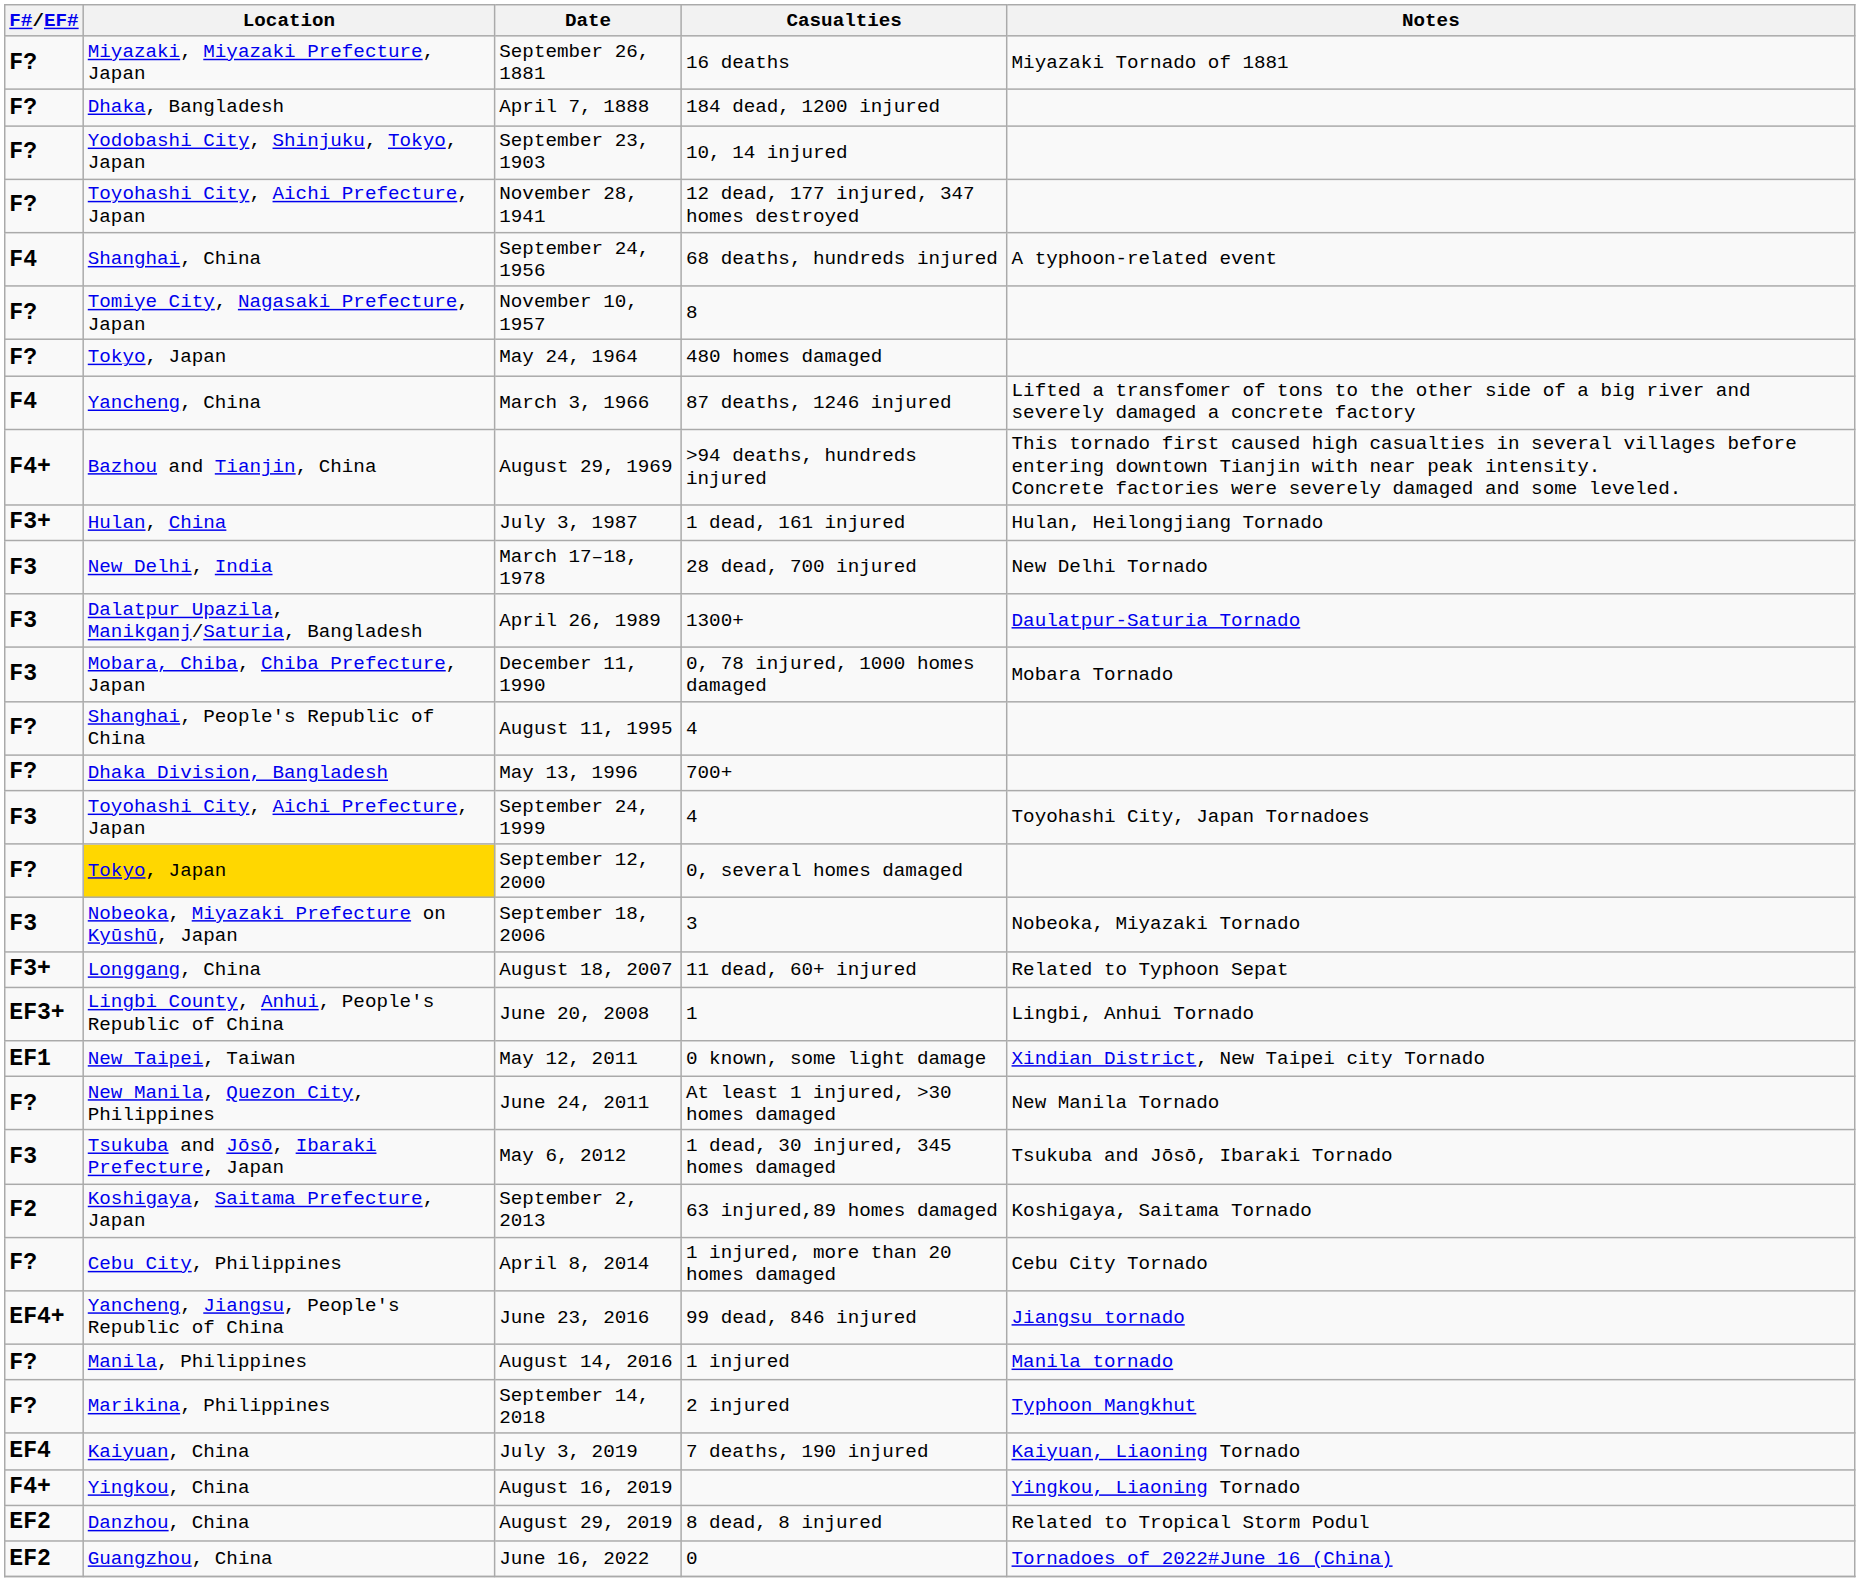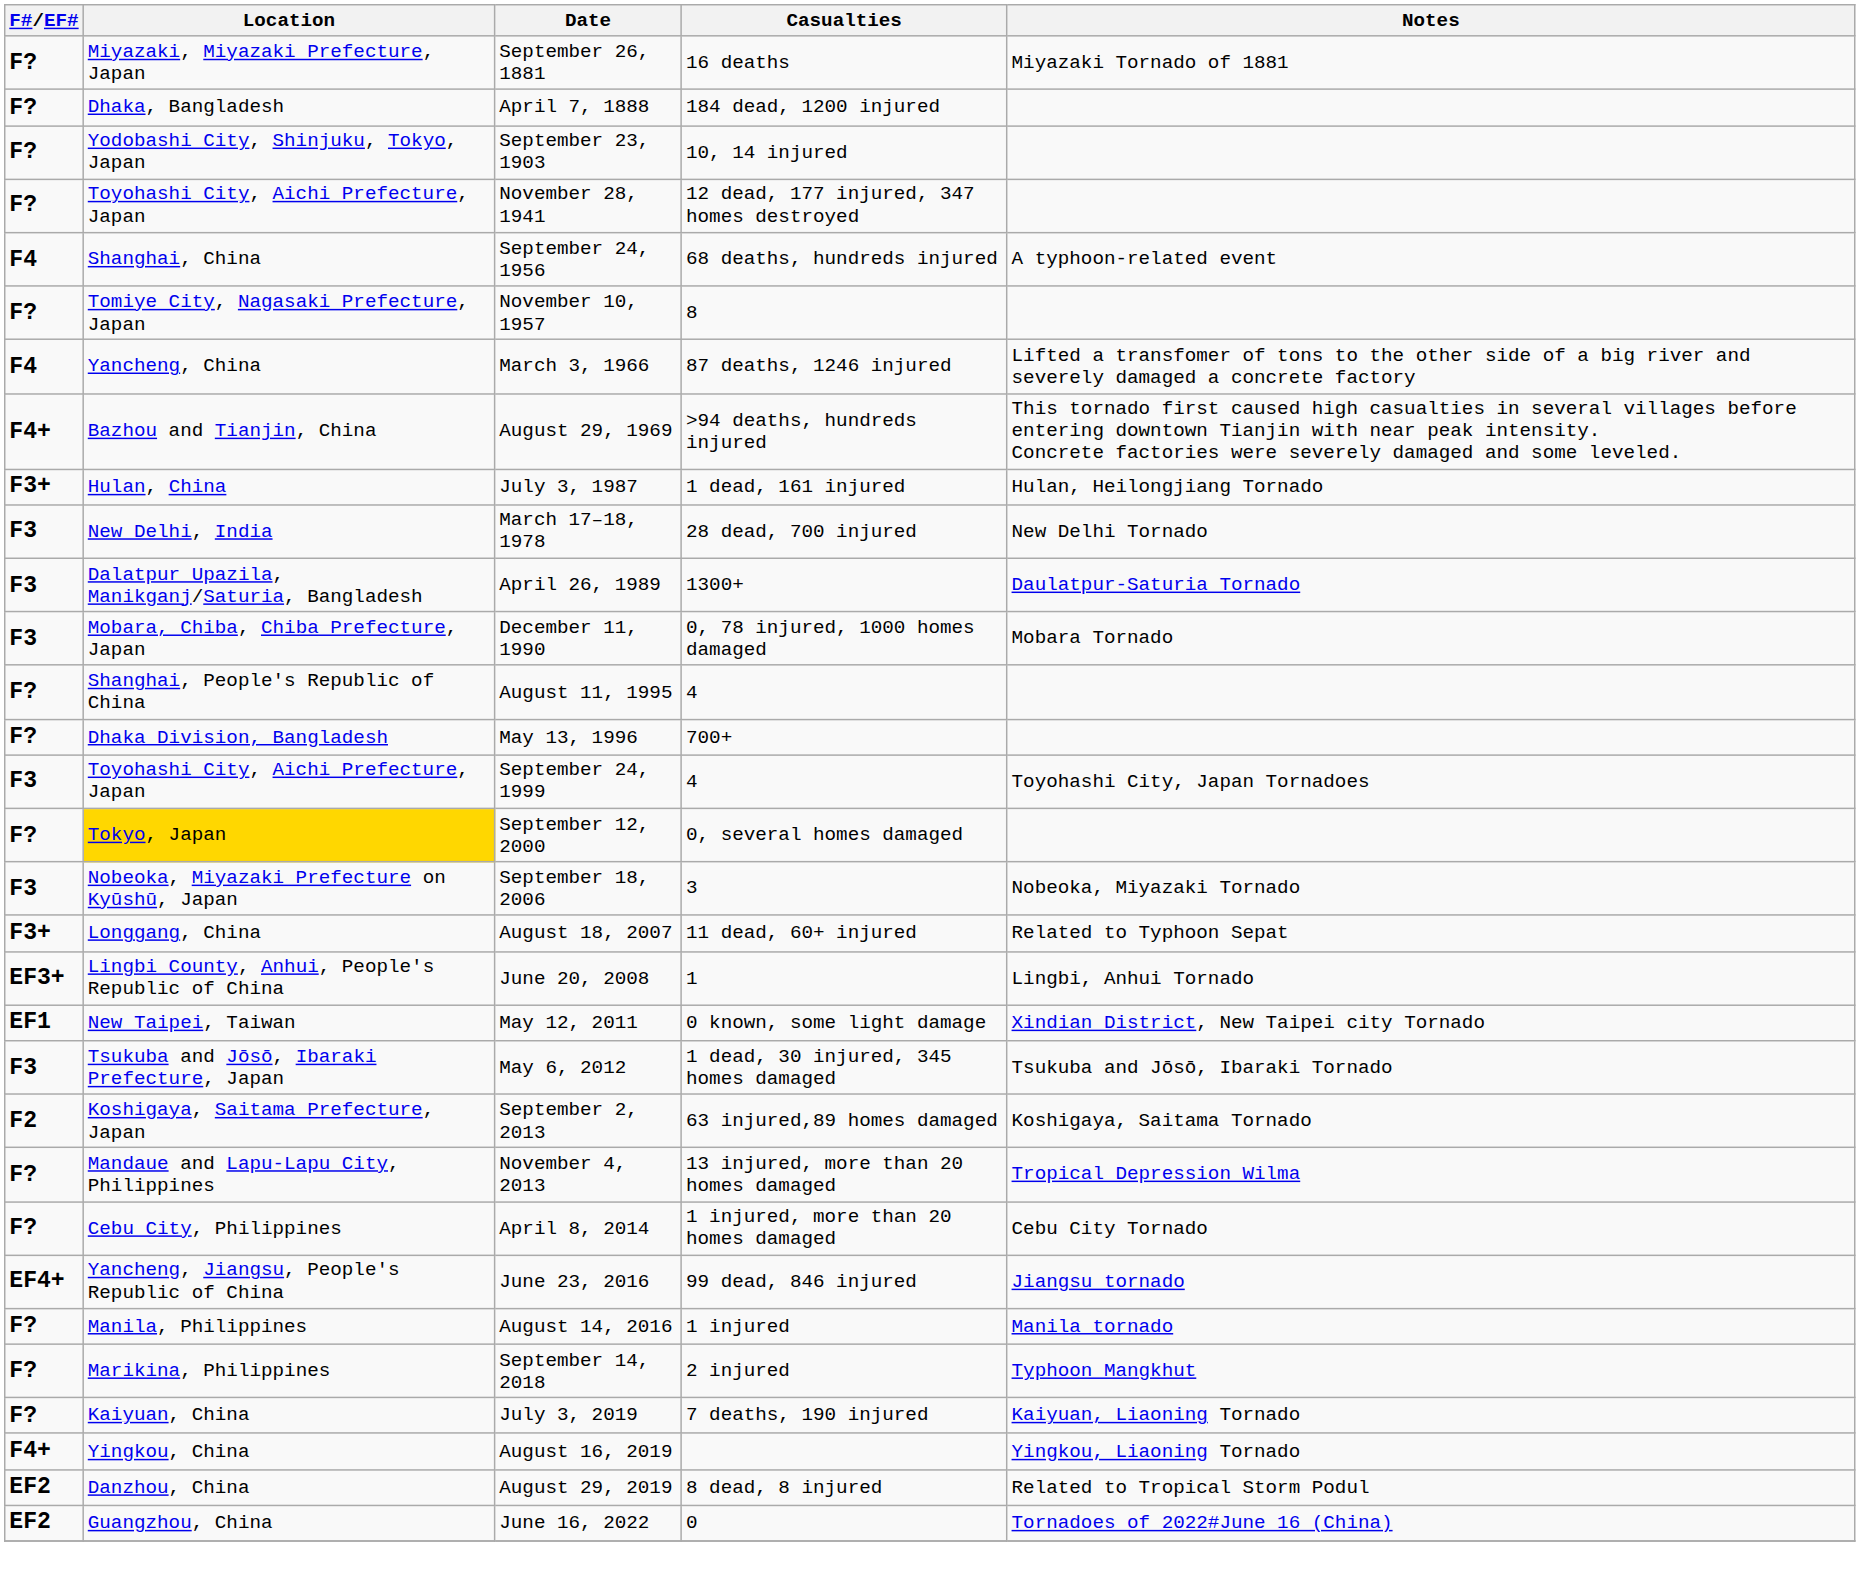 <table class="sortable wikitable">
 <tr>
 <th><a href='#'>F#</a>/<a href='#'>EF#</a></th>
 <th>Location</th>
 <th width=120>Date</th>
 <th>Casualties</th>
 <th class=unsortable>Notes</th>
 </tr>
 <tr>
 <td><big><strong>F?</strong></big></td>
 <td><a href='#'>Miyazaki</a>, <a href='#'>Miyazaki Prefecture</a>, Japan</td>
 <td>September 26, 1881</td>
 <td>16 deaths</td>
 <td>Miyazaki Tornado of 1881</td>
 </tr>
 <tr>
 <td><big><strong>F?</strong></big></td>
 <td><a href='#'>Dhaka</a>, Bangladesh</td>
 <td>April 7, 1888</td>
 <td>184 dead, 1200 injured</td>
 <td></td>
 </tr>
 <tr>
 <td><big><strong>F?</strong></big></td>
 <td><a href='#'>Yodobashi City</a>, <a href='#'>Shinjuku</a>, <a href='#'>Tokyo</a>, Japan</td>
 <td>September 23, 1903</td>
 <td>10, 14 injured</td>
 <td></td>
 </tr>
 <tr>
 <td><big><strong>F?</strong></big></td>
 <td><a href='#'>Toyohashi City</a>, <a href='#'>Aichi Prefecture</a>, Japan</td>
 <td>November 28, 1941</td>
 <td>12 dead, 177 injured, 347 homes destroyed</td>
 <td></td>
 </tr>
 <tr>
 <td><big><strong>F4</strong></big></td>
 <td><a href='#'>Shanghai</a>, China</td>
 <td>September 24, 1956</td>
 <td>68 deaths, hundreds injured</td>
 <td>A typhoon-related event</td>
 </tr>
 <tr>
 <td><big><strong>F?</strong></big></td>
 <td><a href='#'>Tomiye City</a>, <a href='#'>Nagasaki Prefecture</a>, Japan</td>
 <td>November 10, 1957</td>
 <td>8</td>
-<td></td>
-</tr>
-<tr>
-<td><big><strong>F?</strong></big></td>
-<td><a href='#'>Tokyo</a>, Japan</td>
-<td>May 24, 1964</td>
-<td>480 homes damaged</td>
 <td></td>
 </tr>
 <tr>
 <td><big><strong>F4</strong></big></td>
 <td><a href='#'>Yancheng</a>, China</td>
 <td>March 3, 1966</td>
 <td>87 deaths, 1246 injured</td>
 <td>Lifted a transfomer of tons to the other side of a big river and severely damaged a concrete factory</td>
 </tr>
 <tr>
 <td><big><strong>F4+</strong></big></td>
 <td><a href='#'>Bazhou</a> and <a href='#'>Tianjin</a>, China</td>
 <td>August 29, 1969</td>
 <td>>94 deaths, hundreds injured</td>
 <td>This tornado first caused high casualties in several villages before entering downtown Tianjin with near peak intensity.<br>Concrete factories were severely damaged and some leveled.</td>
 </tr>
 <tr>
 <td><big><strong>F3+</strong></big></td>
 <td><a href='#'>Hulan</a>, <a href='#'>China</a></td>
 <td>July 3, 1987</td>
 <td>1 dead, 161 injured</td>
 <td>Hulan, Heilongjiang Tornado</td>
 </tr>
 <tr>
 <td><big><strong>F3</strong></big></td>
 <td><a href='#'>New Delhi</a>, <a href='#'>India</a></td>
 <td>March 17–18, 1978</td>
 <td>28 dead, 700 injured</td>
 <td>New Delhi Tornado</td>
 </tr>
 <tr>
 <td><big><strong>F3</strong></big></td>
 <td><a href='#'>Dalatpur Upazila</a>, <a href='#'>Manikganj</a>/<a href='#'>Saturia</a>, Bangladesh</td>
 <td>April 26, 1989</td>
 <td>1300+</td>
 <td><a href='#'>Daulatpur-Saturia Tornado</a></td>
 </tr>
 <tr>
 <td><big><strong>F3</strong></big></td>
 <td><a href='#'>Mobara, Chiba</a>, <a href='#'>Chiba Prefecture</a>, Japan</td>
 <td>December 11, 1990</td>
 <td>0, 78 injured, 1000 homes damaged</td>
 <td>Mobara Tornado</td>
 </tr>
 <tr>
 <td><big><strong>F?</strong></big></td>
 <td><a href='#'>Shanghai</a>, People's Republic of China</td>
 <td>August 11, 1995</td>
 <td>4</td>
 <td></td>
 </tr>
 <tr>
 <td><big><strong>F?</strong></big></td>
 <td><a href='#'>Dhaka Division, Bangladesh</a></td>
 <td>May 13, 1996</td>
 <td>700+</td>
 <td></td>
 </tr>
 <tr>
 <td><big><strong>F3</strong></big></td>
 <td><a href='#'>Toyohashi City</a>, <a href='#'>Aichi Prefecture</a>, Japan</td>
 <td>September 24, 1999</td>
 <td>4</td>
 <td>Toyohashi City, Japan Tornadoes</td>
 </tr>
 <tr>
 <td><big><strong>F?</strong></big></td>
 <td style="background: gold;"><a href='#'>Tokyo</a>, Japan</td>
 <td>September 12, 2000</td>
 <td>0, several homes damaged</td>
 <td></td>
 </tr>
 <tr>
 <td><big><strong>F3</strong></big></td>
 <td><a href='#'>Nobeoka</a>, <a href='#'>Miyazaki Prefecture</a> on <a href='#'>Kyūshū</a>, Japan</td>
 <td>September 18, 2006</td>
 <td>3</td>
 <td>Nobeoka, Miyazaki Tornado</td>
 </tr>
 <tr>
 <td><big><strong>F3+</strong></big></td>
 <td><a href='#'>Longgang</a>, China</td>
 <td>August 18, 2007</td>
 <td>11 dead, 60+ injured</td>
 <td>Related to Typhoon Sepat</td>
 </tr>
 <tr>
 <td><big><strong>EF3+</strong></big></td>
 <td><a href='#'>Lingbi County</a>, <a href='#'>Anhui</a>, People's Republic of China</td>
 <td>June 20, 2008</td>
 <td>1</td>
 <td>Lingbi, Anhui Tornado</td>
 </tr>
 <tr>
 <td><big><strong>EF1</strong></big></td>
 <td><a href='#'>New Taipei</a>, Taiwan</td>
 <td>May 12, 2011</td>
 <td>0 known, some light damage</td>
 <td><a href='#'>Xindian District</a>, New Taipei city Tornado</td>
 </tr>
 <tr>
-<td><big><strong>F?</strong></big></td>
-<td><a href='#'>New Manila</a>, <a href='#'>Quezon City</a>, Philippines</td>
-<td>June 24, 2011</td>
-<td>At least 1 injured, >30 homes damaged</td>
-<td>New Manila Tornado</td>
-</tr>
-<tr>
 <td><big><strong>F3</strong></big></td>
 <td><a href='#'>Tsukuba</a> and <a href='#'>Jōsō</a>, <a href='#'>Ibaraki Prefecture</a>, Japan</td>
 <td>May 6, 2012</td>
 <td>1 dead, 30 injured, 345 homes damaged</td>
 <td>Tsukuba and Jōsō, Ibaraki Tornado</td>
 </tr>
 <tr>
 <td><big><strong>F2</strong></big></td>
 <td><a href='#'>Koshigaya</a>, <a href='#'>Saitama Prefecture</a>, Japan</td>
 <td>September 2, 2013</td>
 <td>63 injured,89 homes damaged</td>
 <td>Koshigaya, Saitama Tornado</td>
+</tr>
+<tr>
+<td><big><strong>F?</strong></big></td>
+<td><a href='#'>Mandaue</a> and <a href='#'>Lapu-Lapu City</a>, Philippines</td>
+<td>November 4, 2013</td>
+<td>13 injured, more than 20 homes damaged</td>
+<td><a href='#'>Tropical Depression Wilma</a></td>
 </tr>
 <tr>
 <td><big><strong>F?</strong></big></td>
 <td><a href='#'>Cebu City</a>, Philippines</td>
 <td>April 8, 2014</td>
 <td>1 injured, more than 20 homes damaged</td>
 <td>Cebu City Tornado</td>
 </tr>
 <tr>
 <td><big><strong>EF4+</strong></big></td>
 <td><a href='#'>Yancheng</a>, <a href='#'>Jiangsu</a>, People's Republic of China</td>
 <td>June 23, 2016</td>
 <td>99 dead, 846 injured</td>
 <td><a href='#'>Jiangsu tornado</a></td>
 </tr>
 <tr>
 <td><big><strong>F?</strong></big></td>
 <td><a href='#'>Manila</a>, Philippines</td>
 <td>August 14, 2016</td>
 <td>1 injured</td>
 <td><a href='#'>Manila tornado</a></td>
 </tr>
 <tr>
 <td><big><strong>F?</strong></big></td>
 <td><a href='#'>Marikina</a>, Philippines</td>
 <td>September 14, 2018</td>
 <td>2 injured</td>
 <td><a href='#'>Typhoon Mangkhut</a></td>
 </tr>
 <tr>
-<td><big><strong>EF4</strong></big></td>
+<td><big><strong>F?</strong></big></td>
 <td><a href='#'>Kaiyuan</a>, China</td>
 <td>July 3, 2019</td>
 <td>7 deaths, 190 injured</td>
 <td><a href='#'>Kaiyuan, Liaoning</a> Tornado</td>
 </tr>
 <tr>
 <td><big><strong>F4+</strong></big></td>
 <td><a href='#'>Yingkou</a>, China</td>
 <td>August 16, 2019</td>
 <td></td>
 <td><a href='#'>Yingkou, Liaoning</a> Tornado</td>
 </tr>
 <tr>
 <td><big><strong>EF2</strong></big></td>
 <td><a href='#'>Danzhou</a>, China</td>
 <td>August 29, 2019</td>
 <td>8 dead, 8 injured</td>
 <td>Related to Tropical Storm Podul</td>
 </tr>
 <tr>
 <td><big><strong>EF2</strong></big></td>
 <td><a href='#'>Guangzhou</a>, China</td>
 <td>June 16, 2022</td>
 <td>0</td>
 <td><a href='#'>Tornadoes of 2022#June 16 (China)</a></td>
 </tr>
 <tr>
 </tr>
 </table>
